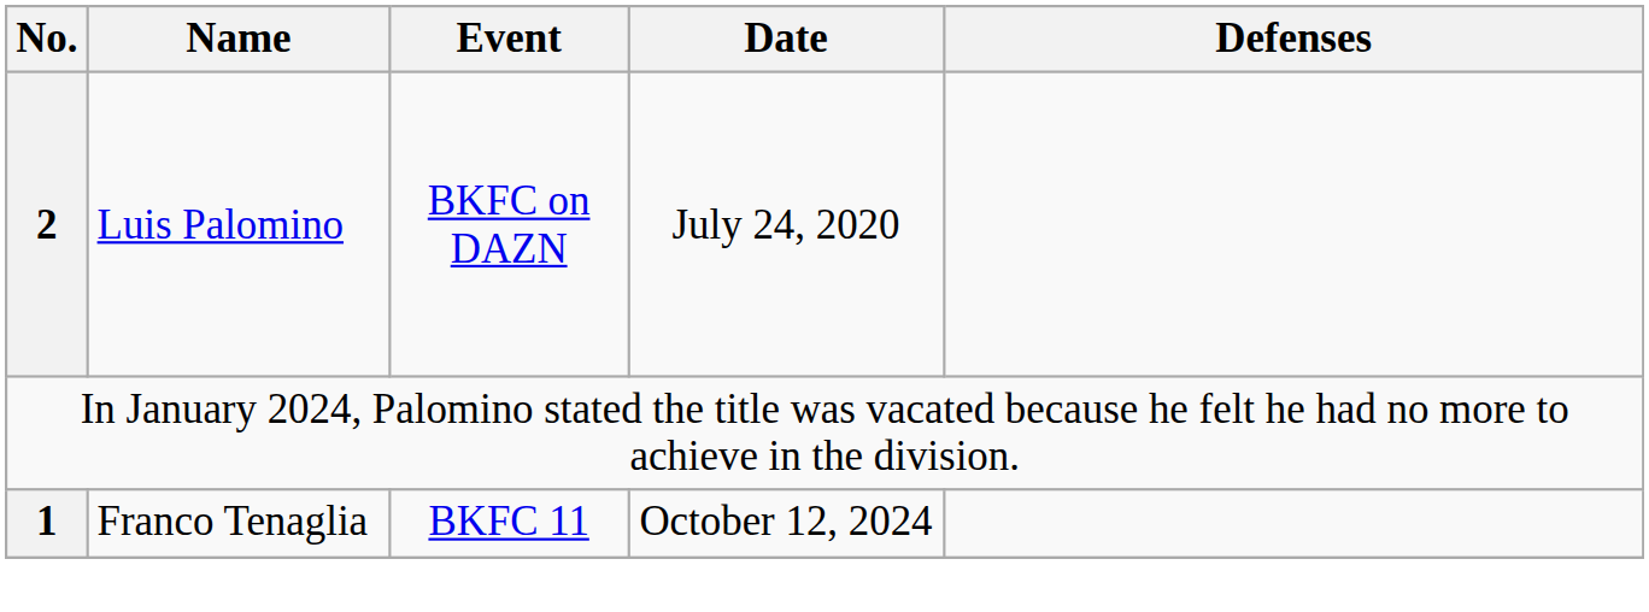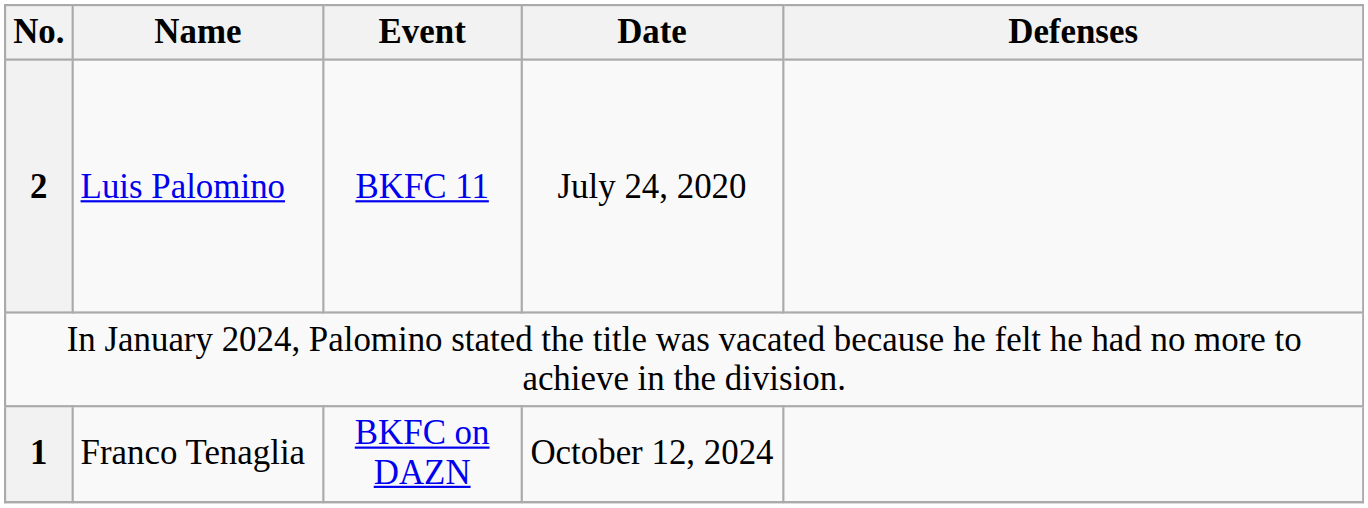 <table class="wikitable" width=100%>
 <tr>
 <th width=1%>No.</th>
 <th width=19%>Name</th>
 <th width=15%>Event</th>
 <th width=20%>Date</th>
 <th width=45%>Defenses</th>
 </tr>
 <tr>
 <th>2</th>
 <td align=left> <a href='#'>Luis Palomino</a> <br></td>
-<td align=center><a href='#'>BKFC on DAZN</a><br></td>
+<td align=center><a href='#'>BKFC 11</a><br></td>
 <td align=center>July 24, 2020</td>
 <td><br><br> <br> <br> <br> <br> </td>
 </tr>
 <tr>
 <td colspan=5 align=center>In January 2024, Palomino stated the title was vacated because he felt he had no more to achieve in the division.</td>
 </tr>
 <tr>
 <th>1</th>
 <td align=left> Franco Tenaglia<br></td>
-<td align=center><a href='#'>BKFC 11</a><br></td>
+<td align=center><a href='#'>BKFC on DAZN</a><br></td>
 <td align=center>October 12, 2024</td>
 <td></td>
 </tr>
 <tr>
 </tr>
 </table>
